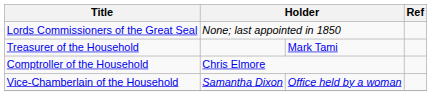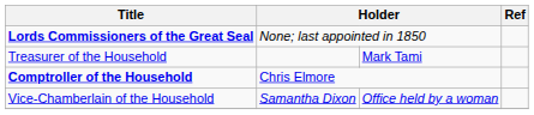 <table class="wikitable">
 <tr>
 <th>Title</th>
 <th colspan=4>Holder</th>
 <th>Ref</th>
 </tr>
 <tr>
-<td><a href='#'>Lords Commissioners of the Great Seal</a></td>
+<td><strong><a href='#'>Lords Commissioners of the Great Seal</a></strong></td>
 <td colspan=4><em>None; last appointed in 1850</em></td>
 <td></td>
 </tr>
 <tr>
 <td><a href='#'>Treasurer of the Household</a></td>
 <td style="background: "></td>
 <td colspan=3><a href='#'>Mark Tami</a></td>
 <td></td>
 </tr>
 <tr>
-<td><a href='#'>Comptroller of the Household</a></td>
+<td><strong><a href='#'>Comptroller of the Household</a></strong></td>
 <td colspan=4><a href='#'>Chris Elmore</a></td>
 <td></td>
 </tr>
 <tr>
 <td><a href='#'>Vice-Chamberlain of the Household</a></td>
 <td colspan=3><em> <a href='#'>Samantha Dixon</a> </em></td>
 <td><em><a href='#'>Office held by a woman</a></em></td>
 <td></td>
 </tr>
 <tr>
 </tr>
 </table>
